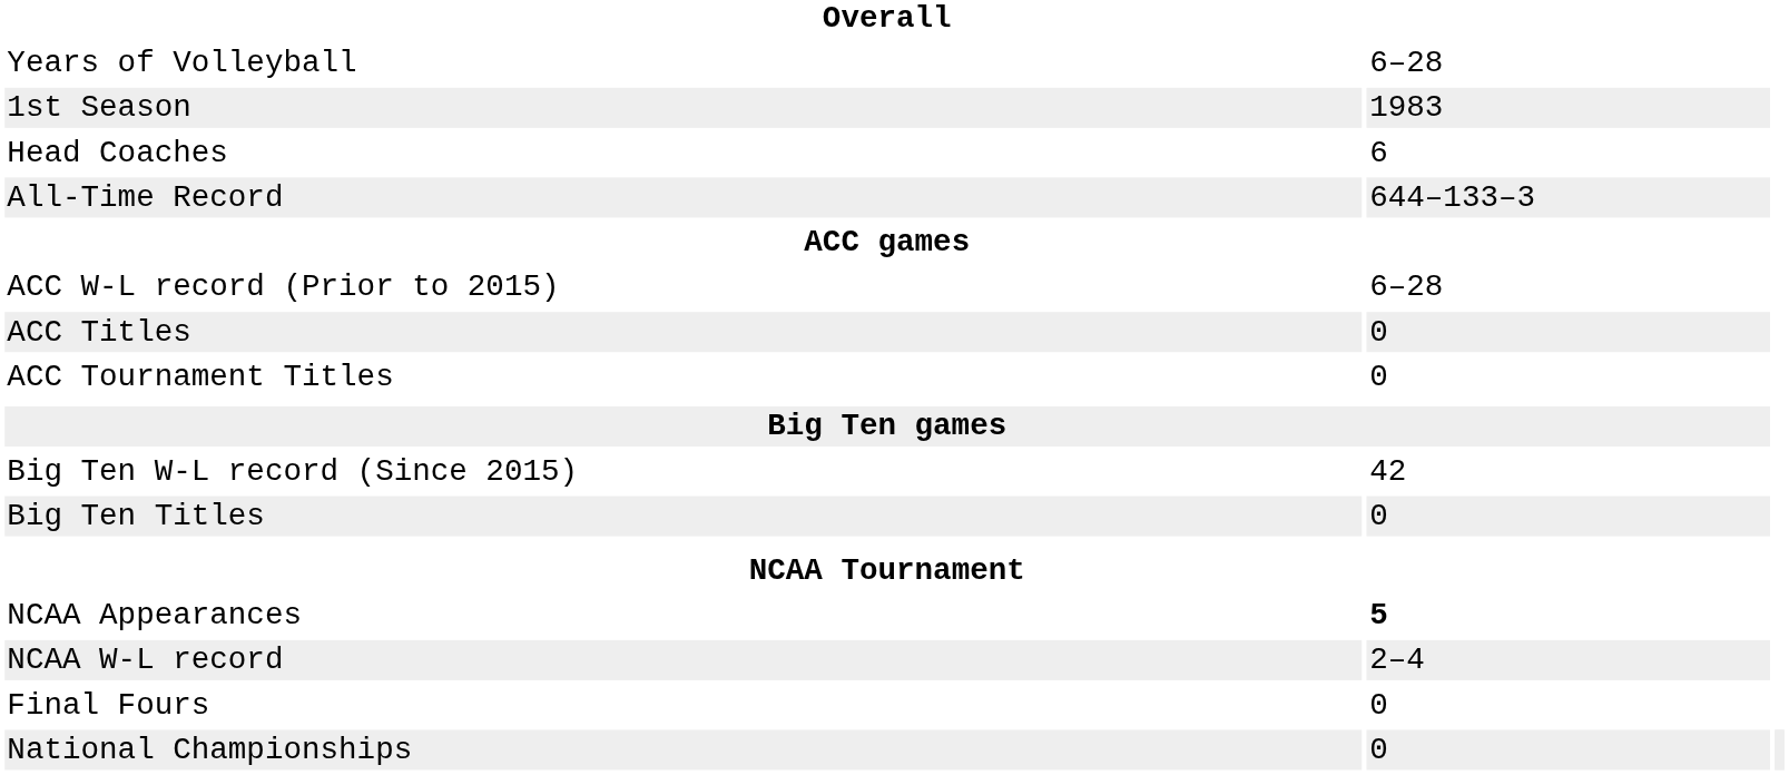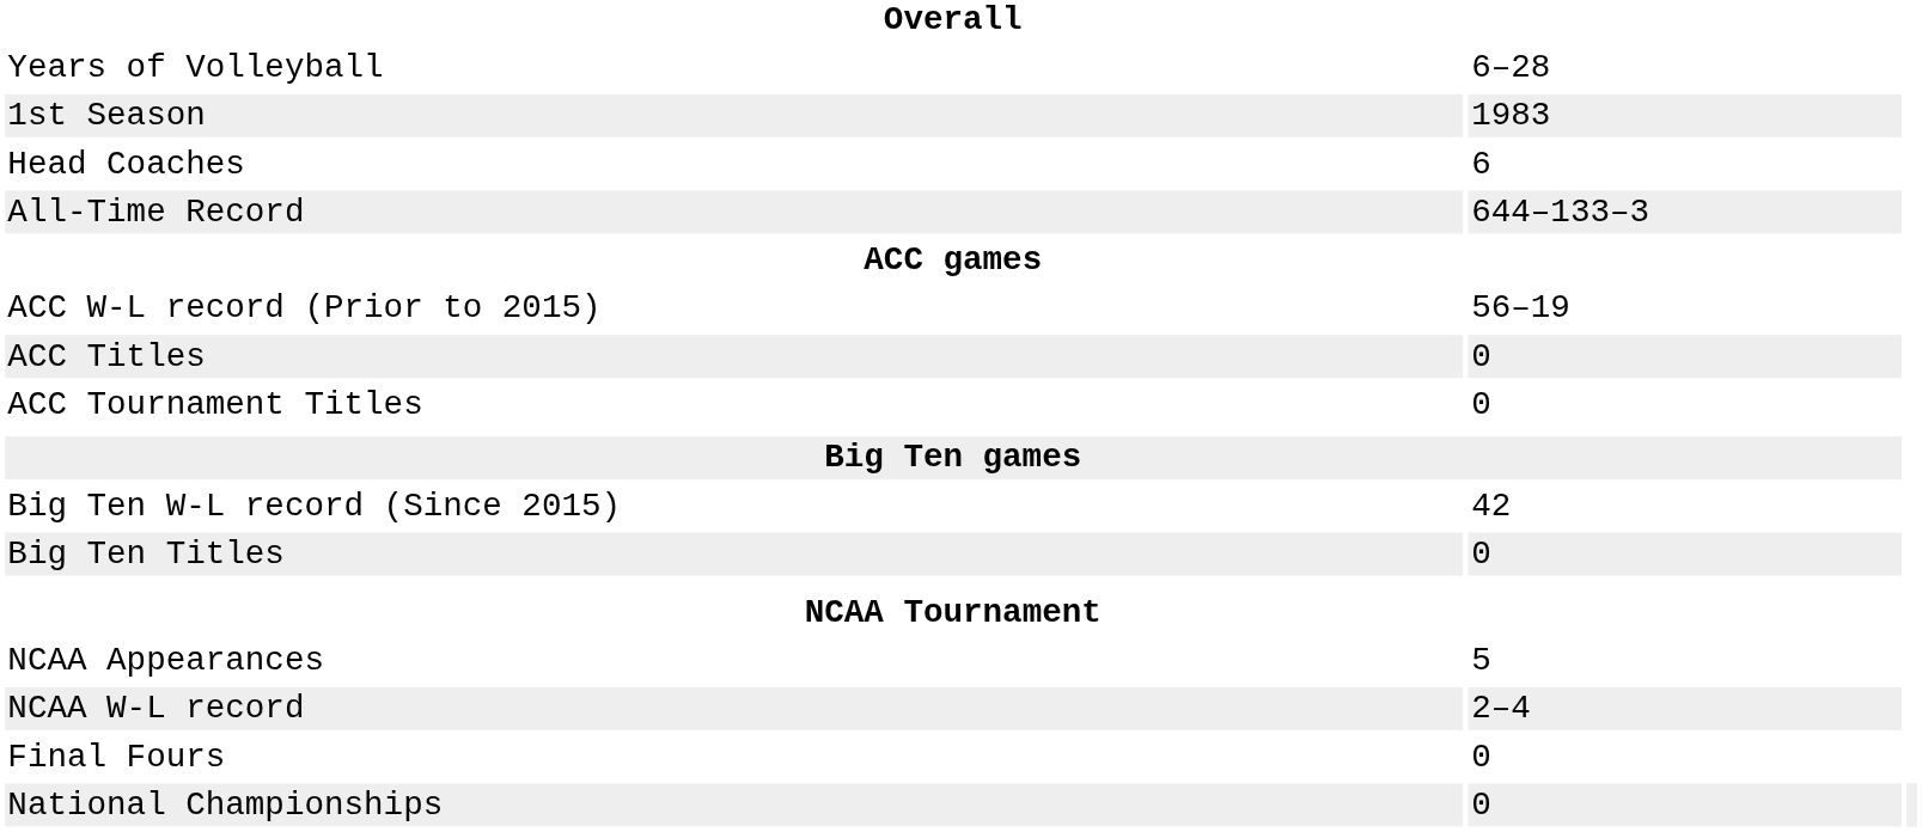 <table width=60% class="toccolours">
 <tr>
 <th colspan=2>Overall</th>
 </tr>
 <tr>
 <td>Years of Volleyball</td>
 <td>6–28</td>
 </tr>
 <tr bgcolor=#eeeeee>
 <td>1st Season</td>
 <td>1983</td>
 </tr>
 <tr>
 <td>Head Coaches</td>
 <td>6</td>
 </tr>
 <tr bgcolor=#eeeeee>
 <td>All-Time Record</td>
 <td>644–133–3</td>
 </tr>
 <tr>
 <th colspan=2>ACC games</th>
 </tr>
 <tr>
 <td>ACC W-L record (Prior to 2015)</td>
-<td>6–28</td>
+<td>56–19</td>
 </tr>
 <tr bgcolor=#eeeeee>
 <td>ACC Titles</td>
 <td>0</td>
 </tr>
 <tr>
 <td>ACC Tournament Titles</td>
 <td>0</td>
 </tr>
 <tr>
 </tr>
 <tr bgcolor=#eeeeee>
 <th colspan=2>Big Ten games</th>
 </tr>
 <tr>
 <td>Big Ten W-L record (Since 2015)</td>
 <td>42</td>
 </tr>
 <tr bgcolor=#eeeeee>
 <td>Big Ten Titles</td>
 <td>0</td>
 </tr>
 <tr>
 </tr>
 <tr bgcolor=#eeeeee>
 </tr>
 <tr>
 <th colspan=2>NCAA Tournament</th>
 </tr>
 <tr>
 <td>NCAA Appearances</td>
-<td><strong>5</strong></td>
+<td>5</td>
 </tr>
 <tr bgcolor=#eeeeee>
 <td>NCAA W-L record</td>
 <td>2–4</td>
 </tr>
 <tr>
 <td>Final Fours</td>
 <td>0</td>
 </tr>
 <tr bgcolor=#eeeeee>
 <td>National Championships</td>
 <td>0</td>
 <th colspan=2 bgcolor=#eeeeee></th>
 </tr>
 </table>
